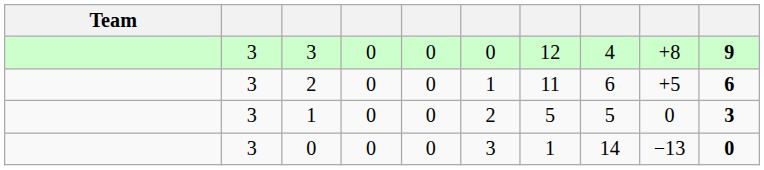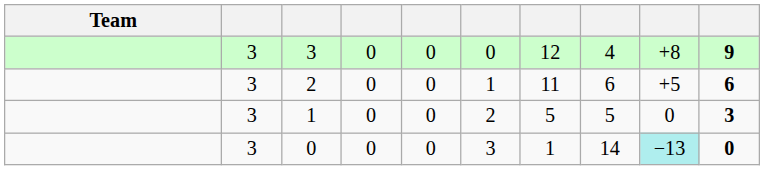 <table class="wikitable" style="text-align:center;">
 <tr>
 <th width=165>Team</th>
 <th width=40></th>
 <th width=40></th>
 <th width=40></th>
 <th width=40></th>
 <th width=40></th>
 <th width=40></th>
 <th width=40></th>
 <th width=40></th>
 <th width=40></th>
 </tr>
 <tr bgcolor=ccffcc>
 <td style="text-align:left;"></td>
 <td>3</td>
 <td>3</td>
 <td>0</td>
 <td>0</td>
 <td>0</td>
 <td>12</td>
 <td>4</td>
 <td>+8</td>
 <td><strong>9</strong></td>
 </tr>
 <tr>
 <td style="text-align:left;"></td>
 <td>3</td>
 <td>2</td>
 <td>0</td>
 <td>0</td>
 <td>1</td>
 <td>11</td>
 <td>6</td>
 <td>+5</td>
 <td><strong>6</strong></td>
 </tr>
 <tr>
 <td style="text-align:left;"></td>
 <td>3</td>
 <td>1</td>
 <td>0</td>
 <td>0</td>
 <td>2</td>
 <td>5</td>
 <td>5</td>
 <td>0</td>
 <td><strong>3</strong></td>
 </tr>
 <tr>
 <td style="text-align:left;"></td>
 <td>3</td>
 <td>0</td>
 <td>0</td>
 <td>0</td>
 <td>3</td>
 <td>1</td>
 <td>14</td>
-<td>−13</td>
+<td style="background: paleturquoise;">−13</td>
 <td><strong>0</strong></td>
 </tr>
 </table>
